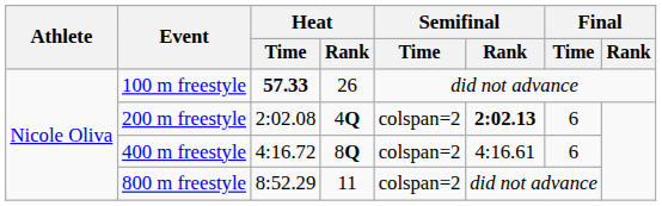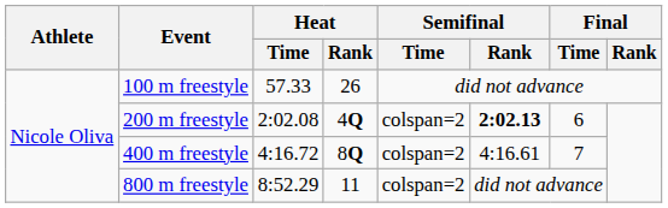 <table class=wikitable style="font-size:90%">
 <tr>
 <th rowspan=2>Athlete</th>
 <th rowspan=2>Event</th>
 <th colspan="2">Heat</th>
 <th colspan="2">Semifinal</th>
 <th colspan="2">Final</th>
 </tr>
 <tr style="font-size:95%">
 <th>Time</th>
 <th>Rank</th>
 <th>Time</th>
 <th>Rank</th>
 <th>Time</th>
 <th>Rank</th>
 </tr>
 <tr align=center>
 <td rowspan=4 align=left><a href='#'>Nicole Oliva</a></td>
 <td align=left><a href='#'>100 m freestyle</a></td>
-<td><strong>57.33</strong></td>
+<td>57.33</td>
 <td>26</td>
 <td colspan=4><em>did not advance</em></td>
 </tr>
 <tr align=center>
 <td align=left><a href='#'>200 m freestyle</a></td>
 <td>2:02.08</td>
 <td>4<strong>Q</strong></td>
 <td>colspan=2 </td>
 <td><strong>2:02.13</strong></td>
 <td>6</td>
 </tr>
 <tr align=center>
 <td align=left><a href='#'>400 m freestyle</a></td>
 <td>4:16.72</td>
 <td>8<strong>Q</strong></td>
 <td>colspan=2 </td>
 <td>4:16.61</td>
-<td>6</td>
+<td>7</td>
 </tr>
 <tr align=center>
 <td align=left><a href='#'>800 m freestyle</a></td>
 <td>8:52.29</td>
 <td>11</td>
 <td>colspan=2 </td>
 <td colspan=2><em>did not advance</em></td>
 </tr>
 </table>
